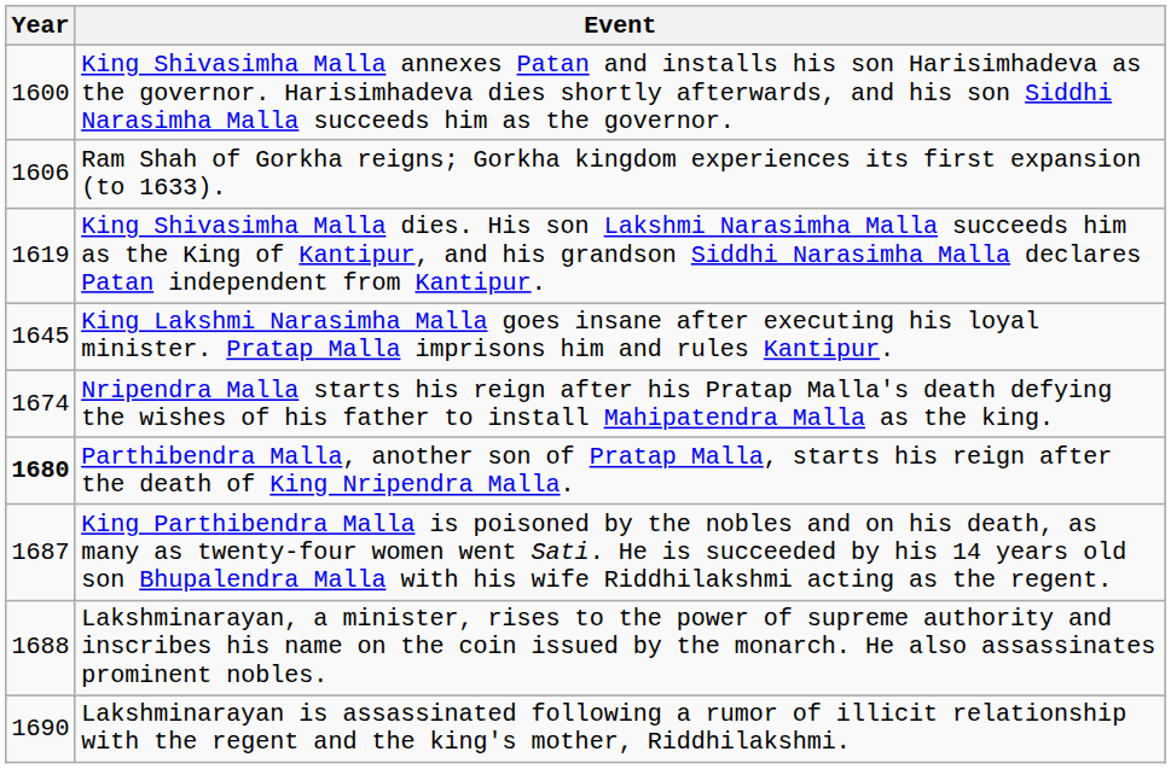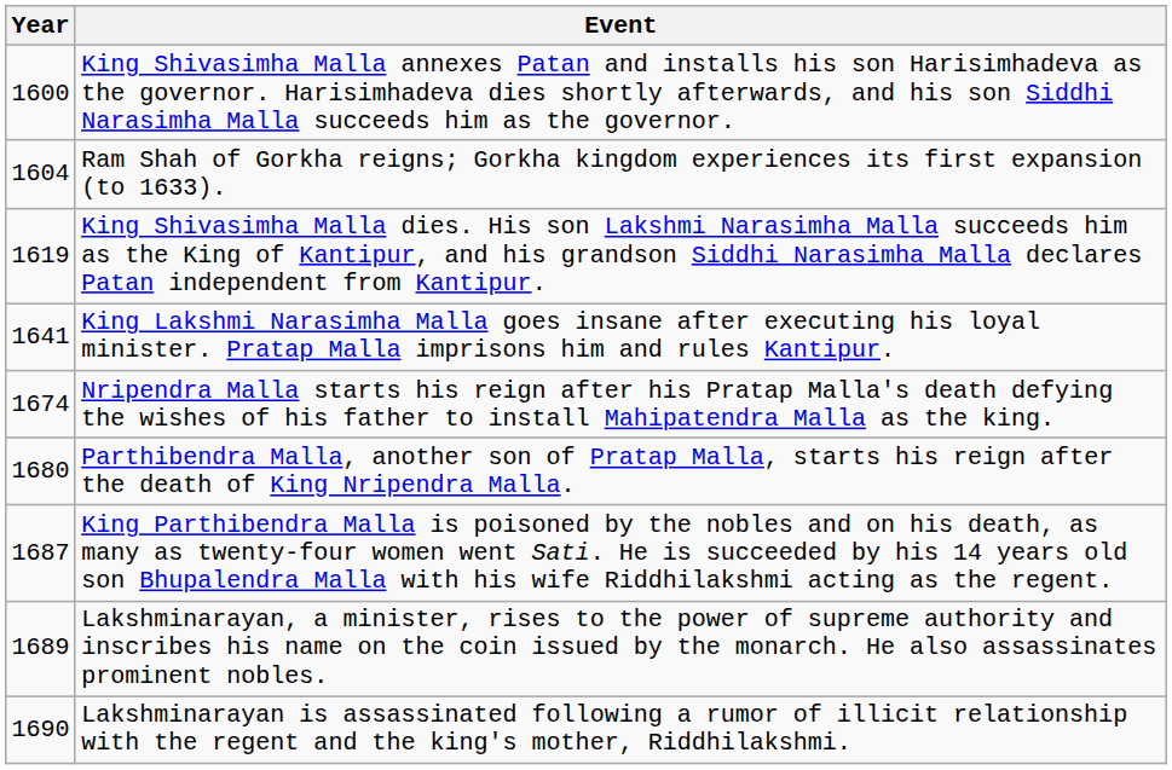 <table class="wikitable" width="100%">
 <tr>
 <th style="width:6%">Year</th>
 <th>Event</th>
 </tr>
 <tr>
 <td>1600</td>
 <td><a href='#'>King Shivasimha Malla</a> annexes <a href='#'>Patan</a> and installs his son Harisimhadeva as the governor. Harisimhadeva dies shortly afterwards, and his son <a href='#'>Siddhi Narasimha Malla</a> succeeds him as the governor.</td>
 </tr>
 <tr>
-<td>1606</td>
+<td>1604</td>
 <td>Ram Shah of Gorkha reigns; Gorkha kingdom experiences its first expansion (to 1633).</td>
 </tr>
 <tr>
 <td>1619</td>
 <td><a href='#'>King Shivasimha Malla</a> dies. His son <a href='#'>Lakshmi Narasimha Malla</a> succeeds him as the King of <a href='#'>Kantipur</a>, and his grandson <a href='#'>Siddhi Narasimha Malla</a> declares <a href='#'>Patan</a> independent from <a href='#'>Kantipur</a>.</td>
 </tr>
 <tr>
-<td>1645</td>
+<td>1641</td>
 <td><a href='#'>King Lakshmi Narasimha Malla</a> goes insane after executing his loyal minister. <a href='#'>Pratap Malla</a> imprisons him and rules <a href='#'>Kantipur</a>.</td>
 </tr>
 <tr>
 <td>1674</td>
 <td><a href='#'>Nripendra Malla</a> starts his reign after his Pratap Malla's death defying the wishes of his father to install <a href='#'>Mahipatendra Malla</a> as the king.</td>
 </tr>
 <tr>
-<td><strong>1680</strong></td>
+<td>1680</td>
 <td><a href='#'>Parthibendra Malla</a>, another son of <a href='#'>Pratap Malla</a>, starts his reign after the death of <a href='#'>King Nripendra Malla</a>.</td>
 </tr>
 <tr>
 <td>1687</td>
 <td><a href='#'>King Parthibendra Malla</a> is poisoned by the nobles and on his death, as many as twenty-four women went <em>Sati</em>. He is succeeded by his 14 years old son <a href='#'>Bhupalendra Malla</a> with his wife Riddhilakshmi acting as the regent.</td>
 </tr>
 <tr>
-<td>1688</td>
+<td>1689</td>
 <td>Lakshminarayan, a minister, rises to the power of supreme authority and inscribes his name on the coin issued by the monarch. He also assassinates prominent nobles.</td>
 </tr>
 <tr>
 <td>1690</td>
 <td>Lakshminarayan is assassinated following a rumor of illicit relationship with the regent and the king's mother, Riddhilakshmi.</td>
 </tr>
 </table>
